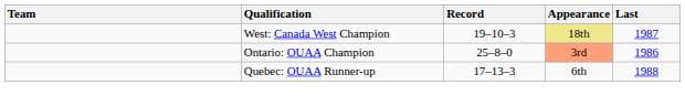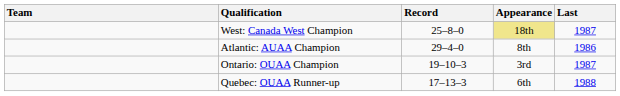 <table class="wikitable sortable" style="text-align: center;" width=900>
 <tr style="background:#efefef; text-align:center">
 <th style="text-align:left" width=35%>Team</th>
 <th style="text-align:left" width=30%>Qualification</th>
 <th style="text-align:left" width=15%>Record</th>
 <th style="text-align:left" width=10%>Appearance</th>
 <th style="text-align:left" width=10%>Last</th>
 </tr>
 <tr style="text-align:center">
 <td style="text-align:left; "><a href='#'></a></td>
 <td style="text-align:left">West: <a href='#'>Canada West</a> Champion</td>
-<td style="text-align:center">19–10–3</td>
+<td style="text-align:center">25–8–0</td>
 <td style="background: khaki; text-align:center">18th</td>
 <td style="text-align:center"><a href='#'>1987</a></td>
 </tr>
 <tr style="text-align:center">
 <td style="text-align:left; "><a href='#'></a></td>
+<td style="text-align:left">Atlantic: <a href='#'>AUAA</a> Champion</td>
+<td style="text-align:center">29–4–0</td>
+<td style="text-align:center">8th</td>
+<td style="text-align:center"><a href='#'>1986</a></td>
+</tr>
+<tr style="text-align:center">
+<td style="text-align:left; "><a href='#'></a></td>
 <td style="text-align:left">Ontario: <a href='#'>OUAA</a> Champion</td>
-<td style="text-align:center">25–8–0</td>
-<td style="background: lightsalmon; text-align:center">3rd</td>
-<td style="text-align:center"><a href='#'>1986</a></td>
+<td style="text-align:center">19–10–3</td>
+<td style="text-align:center">3rd</td>
+<td style="text-align:center"><a href='#'>1987</a></td>
 </tr>
 <tr style="text-align:center">
 <td style="text-align:left; "><a href='#'></a></td>
 <td style="text-align:left">Quebec: <a href='#'>OUAA</a> Runner-up</td>
 <td style="text-align:center">17–13–3</td>
 <td style="text-align:center">6th</td>
 <td style="text-align:center"><a href='#'>1988</a></td>
 </tr>
 </table>
